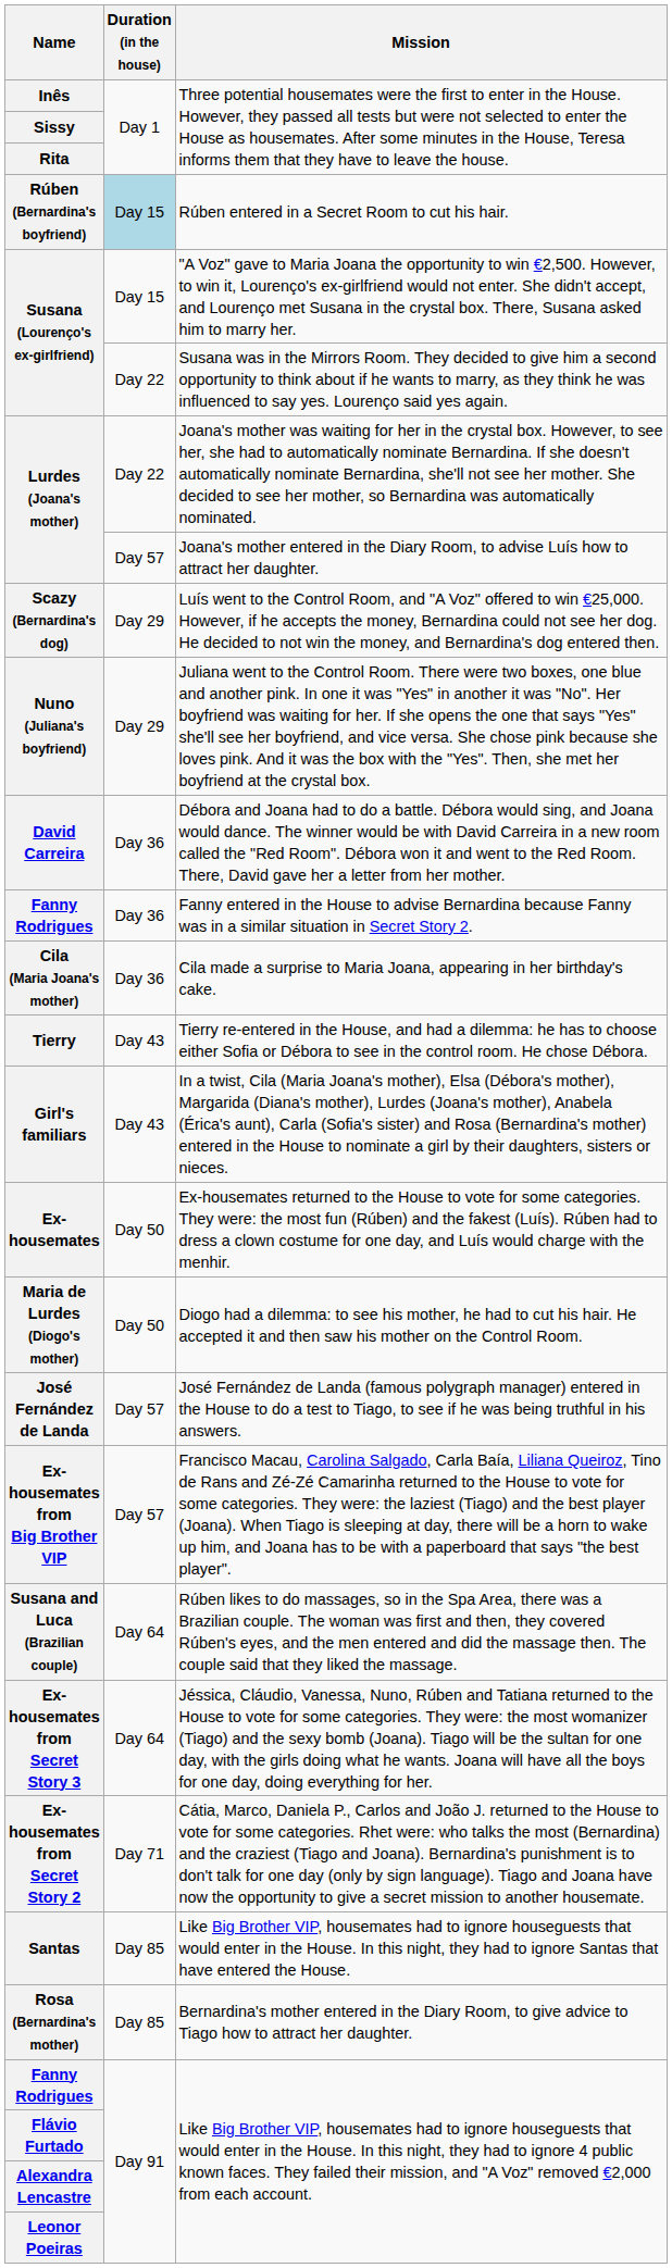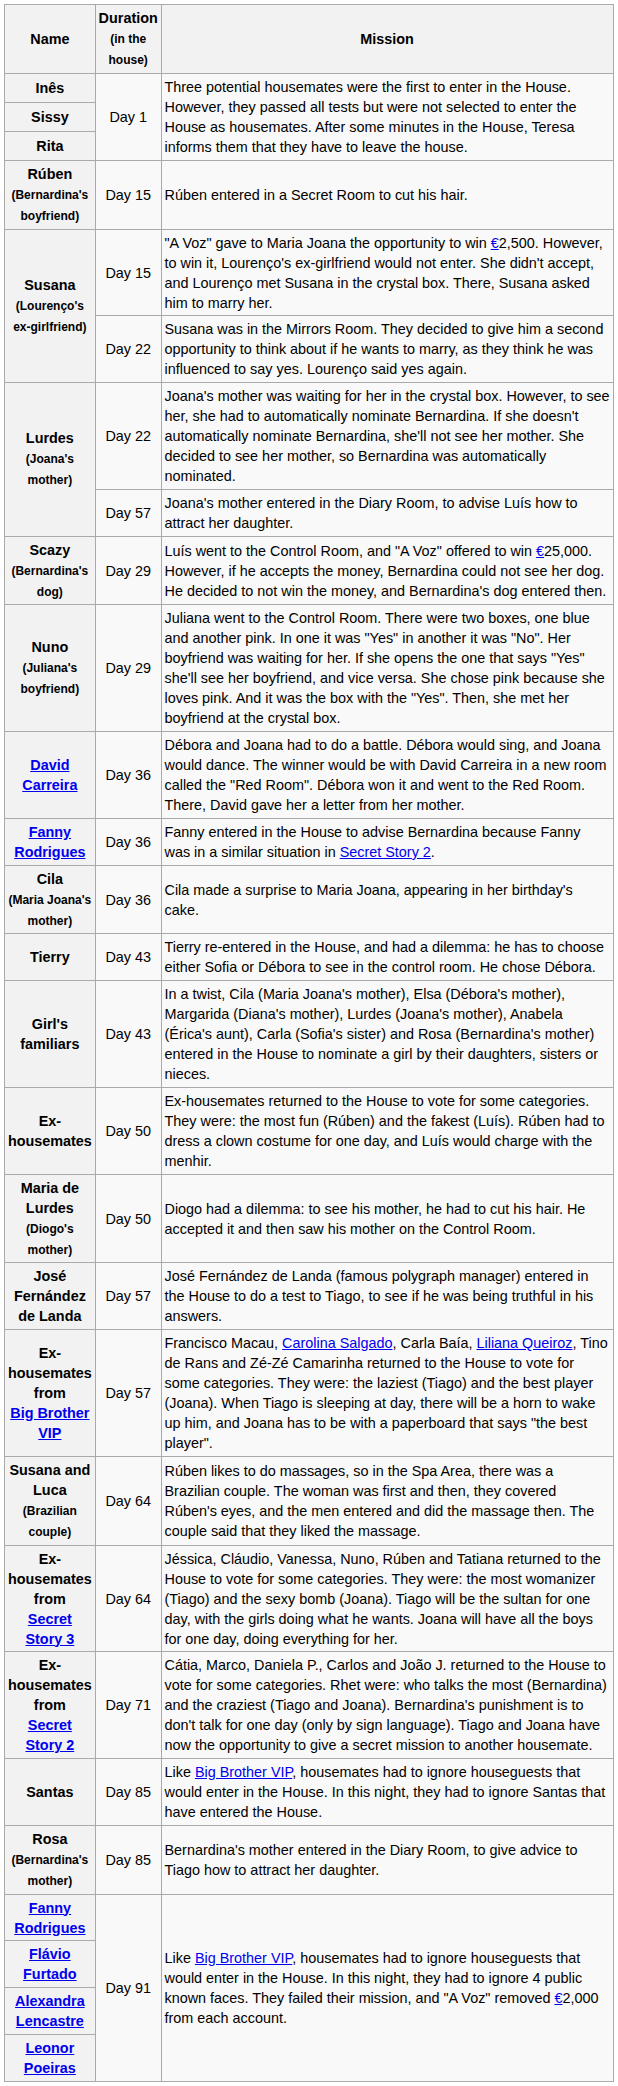 <table class="wikitable" style="font-size:90%; line-height:20px;">
 <tr>
 <th style="width:10%">Name</th>
 <th style="width:10%">Duration<br><small>(in the house)</small></th>
 <th style="width:80%">Mission</th>
 </tr>
 <tr>
 <th>Inês</th>
 <td rowspan=3 style="text-align:center;">Day 1</td>
 <td rowspan=3>Three potential housemates were the first to enter in the House. However, they passed all tests but were not selected to enter the House as housemates. After some minutes in the House, Teresa informs them that they have to leave the house.</td>
 </tr>
 <tr>
 <th>Sissy</th>
 </tr>
 <tr>
 <th>Rita</th>
 </tr>
 <tr>
 <th>Rúben<br><small>(Bernardina's boyfriend)</small></th>
-<td style="background: lightblue; text-align:center;">Day 15</td>
+<td style="text-align:center;">Day 15</td>
 <td>Rúben entered in a Secret Room to cut his hair.</td>
 </tr>
 <tr>
 <th rowspan="2">Susana<br><small>(Lourenço's ex-girlfriend)</small></th>
 <td style="text-align:center;">Day 15</td>
 <td>"A Voz" gave to Maria Joana the opportunity to win <a href='#'>€</a>2,500. However, to win it, Lourenço's ex-girlfriend would not enter. She didn't accept, and Lourenço met Susana in the crystal box. There, Susana asked him to marry her.</td>
 </tr>
 <tr>
 <td style="text-align:center;">Day 22</td>
 <td>Susana was in the Mirrors Room. They decided to give him a second opportunity to think about if he wants to marry, as they think he was influenced to say yes. Lourenço said yes again.</td>
 </tr>
 <tr>
 <th rowspan="2">Lurdes<br><small>(Joana's mother)</small></th>
 <td style="text-align:center;">Day 22</td>
 <td>Joana's mother was waiting for her in the crystal box. However, to see her, she had to automatically nominate Bernardina. If she doesn't automatically nominate Bernardina, she'll not see her mother. She decided to see her mother, so Bernardina was automatically nominated.</td>
 </tr>
 <tr>
 <td style="text-align:center;">Day 57</td>
 <td>Joana's mother entered in the Diary Room, to advise Luís how to attract her daughter.</td>
 </tr>
 <tr>
 <th>Scazy<br><small>(Bernardina's dog)</small></th>
 <td style="text-align:center;">Day 29</td>
 <td>Luís went to the Control Room, and "A Voz" offered to win <a href='#'>€</a>25,000. However, if he accepts the money, Bernardina could not see her dog. He decided to not win the money, and Bernardina's dog entered then.</td>
 </tr>
 <tr>
 <th>Nuno<br><small>(Juliana's boyfriend)</small></th>
 <td style="text-align:center;">Day 29</td>
 <td>Juliana went to the Control Room. There were two boxes, one blue and another pink. In one it was "Yes" in another it was "No". Her boyfriend was waiting for her. If she opens the one that says "Yes" she'll see her boyfriend, and vice versa. She chose pink because she loves pink. And it was the box with the "Yes". Then, she met her boyfriend at the crystal box.</td>
 </tr>
 <tr>
 <th><a href='#'>David Carreira</a></th>
 <td style="text-align:center;">Day 36</td>
 <td>Débora and Joana had to do a battle. Débora would sing, and Joana would dance. The winner would be with David Carreira in a new room called the "Red Room". Débora won it and went to the Red Room. There, David gave her a letter from her mother.</td>
 </tr>
 <tr>
 <th><a href='#'>Fanny Rodrigues</a></th>
 <td style="text-align:center;">Day 36</td>
 <td>Fanny entered in the House to advise Bernardina because Fanny was in a similar situation in <a href='#'>Secret Story 2</a>.</td>
 </tr>
 <tr>
 <th>Cila<br><small>(Maria Joana's mother)</small></th>
 <td style="text-align:center;">Day 36</td>
 <td>Cila made a surprise to Maria Joana, appearing in her birthday's cake.</td>
 </tr>
 <tr>
 <th>Tierry</th>
 <td style="text-align:center;">Day 43</td>
 <td>Tierry re-entered in the House, and had a dilemma: he has to choose either Sofia or Débora to see in the control room. He chose Débora.</td>
 </tr>
 <tr>
 <th>Girl's familiars</th>
 <td style="text-align:center;">Day 43</td>
 <td>In a twist, Cila (Maria Joana's mother), Elsa (Débora's mother), Margarida (Diana's mother), Lurdes (Joana's mother), Anabela (Érica's aunt), Carla (Sofia's sister) and Rosa (Bernardina's mother) entered in the House to nominate a girl by their daughters, sisters or nieces.</td>
 </tr>
 <tr>
 <th>Ex-housemates</th>
 <td style="text-align:center;">Day 50</td>
 <td>Ex-housemates returned to the House to vote for some categories. They were: the most fun (Rúben) and the fakest (Luís). Rúben had to dress a clown costume for one day, and Luís would charge with the menhir.</td>
 </tr>
 <tr>
 <th>Maria de Lurdes<br><small>(Diogo's mother)</small></th>
 <td style="text-align:center;">Day 50</td>
 <td>Diogo had a dilemma: to see his mother, he had to cut his hair. He accepted it and then saw his mother on the Control Room.</td>
 </tr>
 <tr>
 <th>José Fernández de Landa</th>
 <td style="text-align:center;">Day 57</td>
 <td>José Fernández de Landa (famous polygraph manager) entered in the House to do a test to Tiago, to see if he was being truthful in his answers.</td>
 </tr>
 <tr>
 <th>Ex-housemates from<br><a href='#'>Big Brother VIP</a></th>
 <td style="text-align:center;">Day 57</td>
 <td>Francisco Macau, <a href='#'>Carolina Salgado</a>, Carla Baía, <a href='#'>Liliana Queiroz</a>, Tino de Rans and Zé-Zé Camarinha returned to the House to vote for some categories. They were: the laziest (Tiago) and the best player (Joana). When Tiago is sleeping at day, there will be a horn to wake up him, and Joana has to be with a paperboard that says "the best player".</td>
 </tr>
 <tr>
 <th>Susana and Luca<br><small>(Brazilian couple)</small></th>
 <td style="text-align:center;">Day 64</td>
 <td>Rúben likes to do massages, so in the Spa Area, there was a Brazilian couple. The woman was first and then, they covered Rúben's eyes, and the men entered and did the massage then. The couple said that they liked the massage.</td>
 </tr>
 <tr>
 <th>Ex-housemates from<br><a href='#'>Secret Story 3</a></th>
 <td style="text-align:center;">Day 64</td>
 <td>Jéssica, Cláudio, Vanessa, Nuno, Rúben and Tatiana returned to the House to vote for some categories. They were: the most womanizer (Tiago) and the sexy bomb (Joana). Tiago will be the sultan for one day, with the girls doing what he wants. Joana will have all the boys for one day, doing everything for her.</td>
 </tr>
 <tr>
 <th>Ex-housemates from<br><a href='#'>Secret Story 2</a></th>
 <td style="text-align:center;">Day 71</td>
 <td>Cátia, Marco, Daniela P., Carlos and João J. returned to the House to vote for some categories. Rhet were: who talks the most (Bernardina) and the craziest (Tiago and Joana). Bernardina's punishment is to don't talk for one day (only by sign language). Tiago and Joana have now the opportunity to give a secret mission to another housemate.</td>
 </tr>
 <tr>
 <th>Santas</th>
 <td style="text-align:center;">Day 85</td>
 <td>Like <a href='#'>Big Brother VIP</a>, housemates had to ignore houseguests that would enter in the House. In this night, they had to ignore Santas that have entered the House.</td>
 </tr>
 <tr>
 <th>Rosa<br><small>(Bernardina's mother)</small></th>
 <td style="text-align:center;">Day 85</td>
 <td>Bernardina's mother entered in the Diary Room, to give advice to Tiago how to attract her daughter.</td>
 </tr>
 <tr>
 <th><a href='#'>Fanny Rodrigues</a></th>
 <td rowspan=4 style="text-align:center;">Day 91</td>
 <td rowspan=4>Like <a href='#'>Big Brother VIP</a>, housemates had to ignore houseguests that would enter in the House. In this night, they had to ignore 4 public known faces. They failed their mission, and "A Voz" removed <a href='#'>€</a>2,000 from each account.</td>
 </tr>
 <tr>
 <th><a href='#'>Flávio Furtado</a></th>
 </tr>
 <tr>
 <th><a href='#'>Alexandra Lencastre</a></th>
 </tr>
 <tr>
 <th><a href='#'>Leonor Poeiras</a></th>
 </tr>
 </table>
